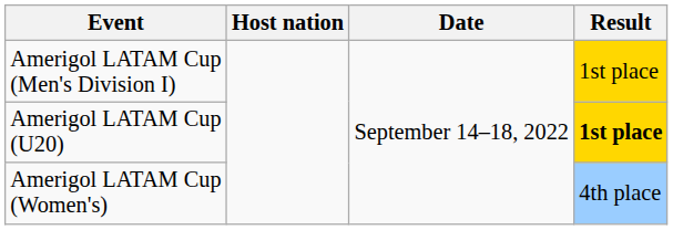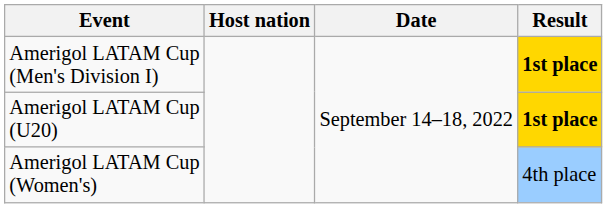 <table class=wikitable>
 <tr>
 <th>Event</th>
 <th>Host nation</th>
 <th>Date</th>
 <th>Result</th>
 </tr>
 <tr>
 <td>Amerigol LATAM Cup<br>(Men's Division I)</td>
 <td rowspan="3"></td>
 <td rowspan="3">September 14–18, 2022</td>
-<td style="background:gold"> 1st place</td>
+<td style="background:gold"><strong> 1st place</strong></td>
 </tr>
 <tr>
 <td>Amerigol LATAM Cup<br>(U20)</td>
 <td style="background:gold"><strong> 1st place</strong></td>
 </tr>
 <tr>
 <td>Amerigol LATAM Cup<br>(Women's)</td>
 <td style="background:#9ACDFF">4th place</td>
 </tr>
 </table>
